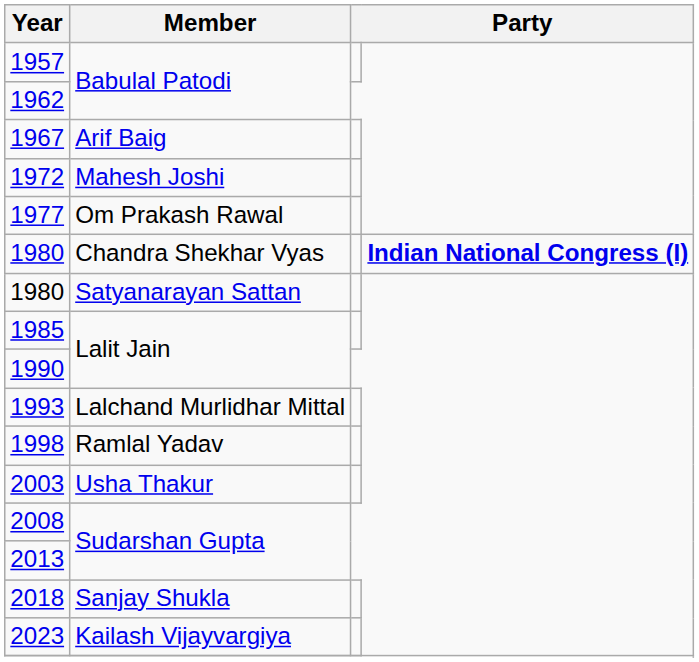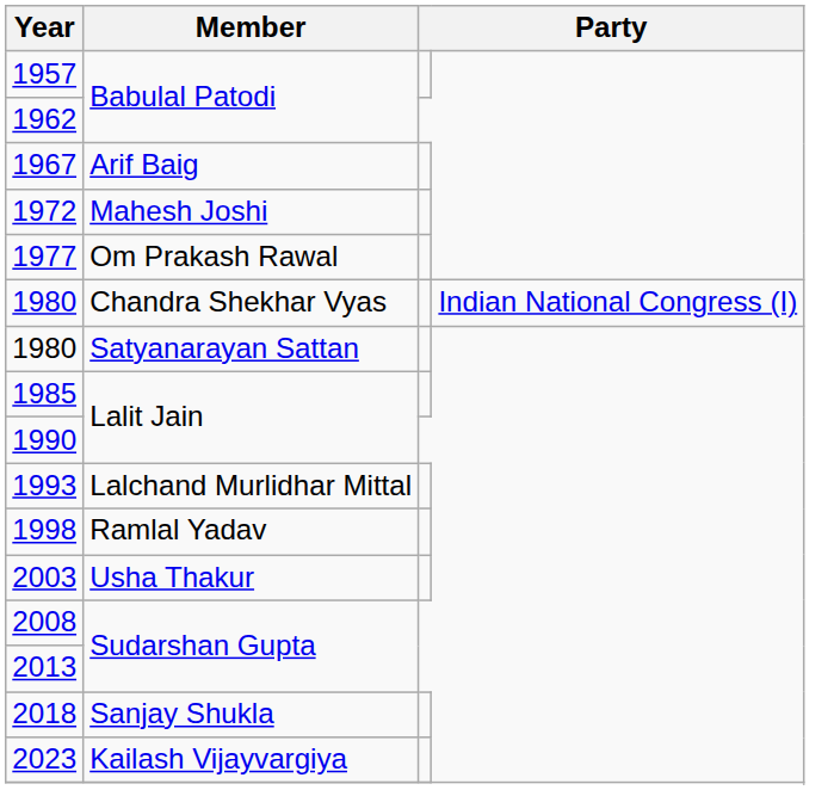 <table class="wikitable">
 <tr>
 <th>Year</th>
 <th>Member</th>
 <th colspan="2">Party</th>
 </tr>
 <tr>
 <td><a href='#'>1957</a></td>
 <td rowspan=2><a href='#'>Babulal Patodi</a></td>
 <td></td>
 </tr>
 <tr>
 <td><a href='#'>1962</a></td>
 </tr>
 <tr>
 <td><a href='#'>1967</a></td>
 <td><a href='#'>Arif Baig</a></td>
 <td></td>
 </tr>
 <tr>
 <td><a href='#'>1972</a></td>
 <td><a href='#'>Mahesh Joshi</a></td>
 <td></td>
 </tr>
 <tr>
 <td><a href='#'>1977</a></td>
 <td>Om Prakash Rawal</td>
 <td></td>
 </tr>
 <tr>
 <td><a href='#'>1980</a></td>
 <td>Chandra Shekhar Vyas</td>
 <td style="background-color: "></td>
-<td><strong><a href='#'>Indian National Congress (I)</a></strong></td>
+<td><a href='#'>Indian National Congress (I)</a></td>
 </tr>
 <tr>
 <td>1980</td>
 <td><a href='#'>Satyanarayan Sattan</a></td>
 <td></td>
 </tr>
 <tr>
 <td><a href='#'>1985</a></td>
 <td rowspan=2>Lalit Jain</td>
 <td></td>
 </tr>
 <tr>
 <td><a href='#'>1990</a></td>
 </tr>
 <tr>
 <td><a href='#'>1993</a></td>
 <td>Lalchand Murlidhar Mittal</td>
 <td></td>
 </tr>
 <tr>
 <td><a href='#'>1998</a></td>
 <td>Ramlal Yadav</td>
 <td></td>
 </tr>
 <tr>
 <td><a href='#'>2003</a></td>
 <td><a href='#'>Usha Thakur</a></td>
 <td></td>
 </tr>
 <tr>
 <td><a href='#'>2008</a></td>
 <td rowspan=2><a href='#'>Sudarshan Gupta</a></td>
 </tr>
 <tr>
 <td><a href='#'>2013</a></td>
 </tr>
 <tr>
 <td><a href='#'>2018</a></td>
 <td><a href='#'>Sanjay Shukla</a></td>
 <td></td>
 </tr>
 <tr>
 <td><a href='#'>2023</a></td>
 <td><a href='#'>Kailash Vijayvargiya</a></td>
 <td></td>
 </tr>
 <tr>
 </tr>
 </table>
